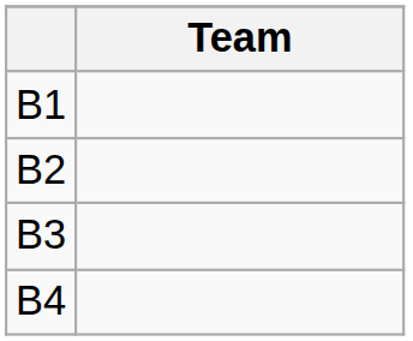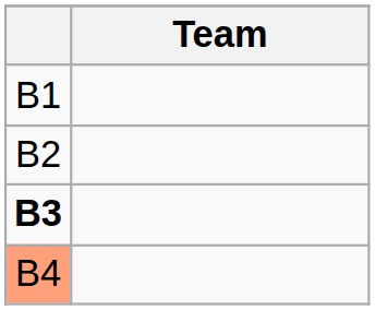 <table class="wikitable" style="display:inline-table;">
 <tr>
 </tr>
 <tr>
 <th></th>
 <th width=120>Team</th>
 </tr>
 <tr>
 <td align=center>B1</td>
 <td></td>
 </tr>
 <tr>
 <td align=center>B2</td>
 <td></td>
 </tr>
 <tr>
-<td align=center>B3</td>
+<td align=center><strong>B3</strong></td>
 <td></td>
 </tr>
 <tr>
-<td align=center>B4</td>
+<td align=center style="background: lightsalmon;">B4</td>
 <td></td>
 </tr>
 </table>
